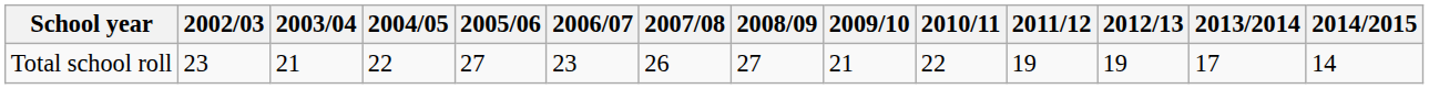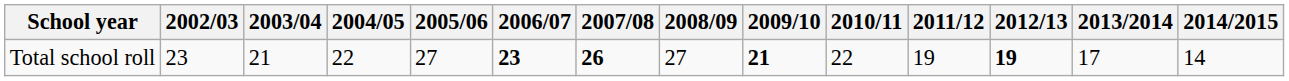 <table class="wikitable">
 <tr>
 <th>School year</th>
 <th>2002/03</th>
 <th>2003/04</th>
 <th>2004/05</th>
 <th>2005/06</th>
 <th>2006/07</th>
 <th>2007/08</th>
 <th>2008/09</th>
 <th>2009/10</th>
 <th>2010/11</th>
 <th>2011/12</th>
 <th>2012/13</th>
 <th>2013/2014</th>
 <th>2014/2015</th>
 </tr>
 <tr>
 <td>Total school roll</td>
 <td>23</td>
 <td>21</td>
 <td>22</td>
 <td>27</td>
-<td>23</td>
-<td>26</td>
+<td><strong>23</strong></td>
+<td><strong>26</strong></td>
 <td>27</td>
-<td>21</td>
+<td><strong>21</strong></td>
 <td>22</td>
 <td>19</td>
-<td>19</td>
+<td><strong>19</strong></td>
 <td>17</td>
 <td>14</td>
 </tr>
 </table>
